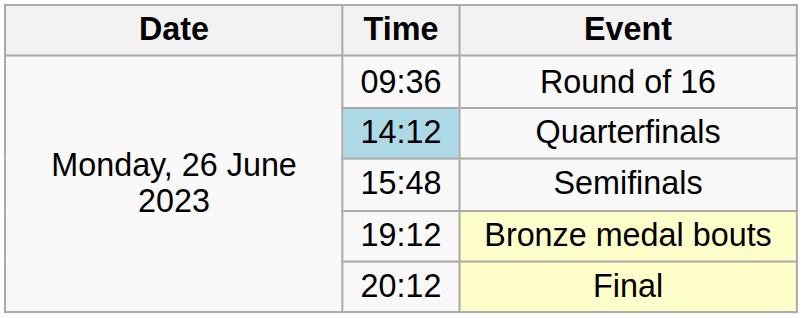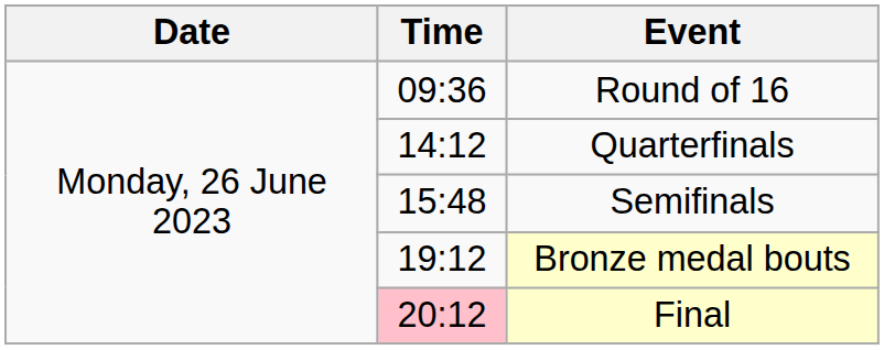 <table class = "wikitable" style="text-align:center;">
 <tr>
 <th width=160>Date</th>
 <th width=50>Time</th>
 <th width=160>Event</th>
 </tr>
 <tr>
 <td rowspan=5>Monday, 26 June 2023</td>
 <td>09:36</td>
 <td>Round of 16</td>
 </tr>
 <tr>
-<td style="background: lightblue;">14:12</td>
+<td>14:12</td>
 <td>Quarterfinals</td>
 </tr>
 <tr>
 <td>15:48</td>
 <td>Semifinals</td>
 </tr>
 <tr>
 <td>19:12</td>
 <td bgcolor=ffffcc>Bronze medal bouts</td>
 </tr>
 <tr>
-<td>20:12</td>
+<td style="background: pink;">20:12</td>
 <td bgcolor=ffffcc>Final</td>
 </tr>
 </table>
